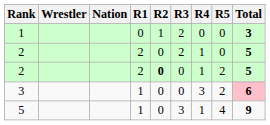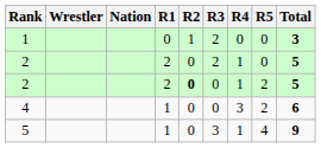 <table class="wikitable sortable" style="text-align:center;">
 <tr>
 <th>Rank</th>
 <th>Wrestler</th>
 <th>Nation</th>
 <th>R1</th>
 <th>R2</th>
 <th>R3</th>
 <th>R4</th>
 <th>R5</th>
 <th>Total</th>
 </tr>
 <tr style="background:#cfc;">
 <td>1</td>
 <td align=left></td>
 <td align=left></td>
 <td>0</td>
 <td>1</td>
 <td>2</td>
 <td>0</td>
 <td>0</td>
 <td><strong>3</strong></td>
 </tr>
 <tr style="background:#cfc;">
 <td>2</td>
 <td align=left></td>
 <td align=left></td>
 <td>2</td>
 <td>0</td>
 <td>2</td>
 <td>1</td>
 <td>0</td>
 <td><strong>5</strong></td>
 </tr>
 <tr style="background:#cfc;">
 <td>2</td>
 <td align=left></td>
 <td align=left></td>
 <td>2</td>
 <td><strong>0</strong></td>
 <td>0</td>
 <td>1</td>
 <td>2</td>
 <td><strong>5</strong></td>
 </tr>
 <tr>
-<td>3</td>
+<td>4</td>
 <td align=left></td>
 <td align=left></td>
 <td>1</td>
 <td>0</td>
 <td>0</td>
 <td>3</td>
 <td>2</td>
-<td style="background: pink;"><strong>6</strong></td>
+<td><strong>6</strong></td>
 </tr>
 <tr>
 <td>5</td>
 <td align=left></td>
 <td align=left></td>
 <td>1</td>
 <td>0</td>
 <td>3</td>
 <td>1</td>
 <td>4</td>
 <td><strong>9</strong></td>
 </tr>
 </table>
